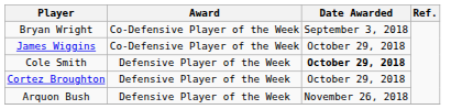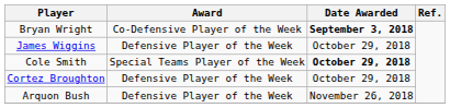 <table class="wikitable sortable sortable" style="text-align: center">
 <tr align=center>
 <th>Player</th>
 <th>Award</th>
 <th>Date Awarded</th>
 <th>Ref.</th>
 </tr>
 <tr>
 <td>Bryan Wright</td>
 <td>Co-Defensive Player of the Week</td>
-<td>September 3, 2018</td>
+<td><strong>September 3, 2018</strong></td>
 <td rowspan="5"></td>
 </tr>
 <tr>
 <td><a href='#'>James Wiggins</a></td>
-<td>Co-Defensive Player of the Week</td>
+<td>Defensive Player of the Week</td>
 <td>October 29, 2018</td>
 </tr>
 <tr>
 <td>Cole Smith</td>
-<td>Defensive Player of the Week</td>
+<td>Special Teams Player of the Week</td>
 <td><strong>October 29, 2018</strong></td>
 </tr>
 <tr>
 <td><a href='#'>Cortez Broughton</a></td>
 <td>Defensive Player of the Week</td>
 <td>October 29, 2018</td>
 </tr>
 <tr>
 <td>Arquon Bush</td>
 <td>Defensive Player of the Week</td>
 <td>November 26, 2018</td>
 </tr>
 <tr>
 </tr>
 </table>
